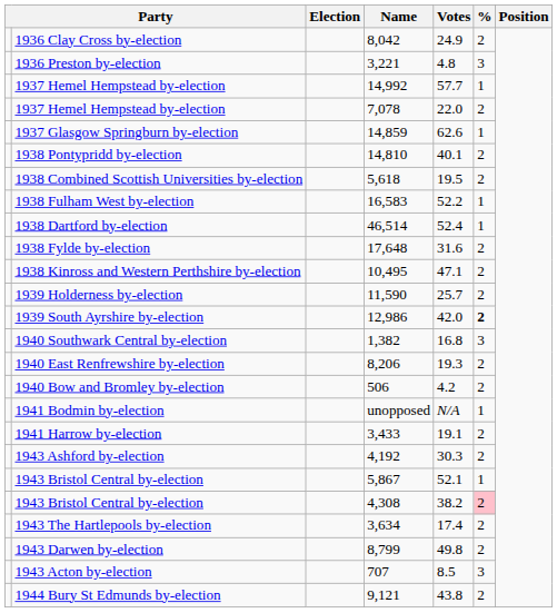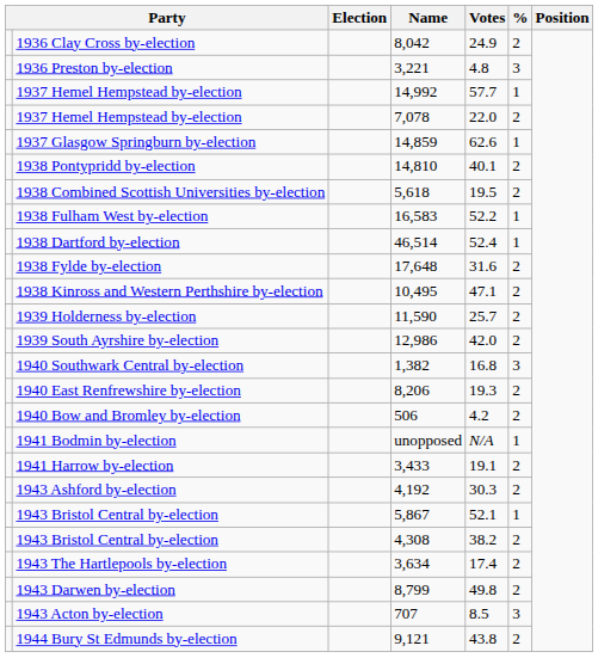 <table class="wikitable sortable">
 <tr>
 <th colspan=2>Party</th>
 <th>Election</th>
 <th>Name</th>
 <th>Votes</th>
 <th>%</th>
 <th>Position</th>
 </tr>
 <tr>
 <td></td>
 <td><a href='#'>1936 Clay Cross by-election</a></td>
 <td></td>
 <td>8,042</td>
 <td>24.9</td>
 <td>2</td>
 </tr>
 <tr>
 <td></td>
 <td><a href='#'>1936 Preston by-election</a></td>
 <td></td>
 <td>3,221</td>
 <td>4.8</td>
 <td>3</td>
 </tr>
 <tr>
 <td></td>
 <td><a href='#'>1937 Hemel Hempstead by-election</a></td>
 <td></td>
 <td>14,992</td>
 <td>57.7</td>
 <td>1</td>
 </tr>
 <tr>
 <td></td>
 <td><a href='#'>1937 Hemel Hempstead by-election</a></td>
 <td></td>
 <td>7,078</td>
 <td>22.0</td>
 <td>2</td>
 </tr>
 <tr>
 <td></td>
 <td><a href='#'>1937 Glasgow Springburn by-election</a></td>
 <td></td>
 <td>14,859</td>
 <td>62.6</td>
 <td>1</td>
 </tr>
 <tr>
 <td></td>
 <td><a href='#'>1938 Pontypridd by-election</a></td>
 <td></td>
 <td>14,810</td>
 <td>40.1</td>
 <td>2</td>
 </tr>
 <tr>
 <td></td>
 <td><a href='#'>1938 Combined Scottish Universities by-election</a></td>
 <td></td>
 <td>5,618</td>
 <td>19.5</td>
 <td>2</td>
 </tr>
 <tr>
 <td></td>
 <td><a href='#'>1938 Fulham West by-election</a></td>
 <td></td>
 <td>16,583</td>
 <td>52.2</td>
 <td>1</td>
 </tr>
 <tr>
 <td></td>
 <td><a href='#'>1938 Dartford by-election</a></td>
 <td></td>
 <td>46,514</td>
 <td>52.4</td>
 <td>1</td>
 </tr>
 <tr>
 <td></td>
 <td><a href='#'>1938 Fylde by-election</a></td>
 <td></td>
 <td>17,648</td>
 <td>31.6</td>
 <td>2</td>
 </tr>
 <tr>
 <td></td>
 <td><a href='#'>1938 Kinross and Western Perthshire by-election</a></td>
 <td></td>
 <td>10,495</td>
 <td>47.1</td>
 <td>2</td>
 </tr>
 <tr>
 <td></td>
 <td><a href='#'>1939 Holderness by-election</a></td>
 <td></td>
 <td>11,590</td>
 <td>25.7</td>
 <td>2</td>
 </tr>
 <tr>
 <td></td>
 <td><a href='#'>1939 South Ayrshire by-election</a></td>
 <td></td>
 <td>12,986</td>
 <td>42.0</td>
-<td><strong>2</strong></td>
+<td>2</td>
 </tr>
 <tr>
 <td></td>
 <td><a href='#'>1940 Southwark Central by-election</a></td>
 <td></td>
 <td>1,382</td>
 <td>16.8</td>
 <td>3</td>
 </tr>
 <tr>
 <td></td>
 <td><a href='#'>1940 East Renfrewshire by-election</a></td>
 <td></td>
 <td>8,206</td>
 <td>19.3</td>
 <td>2</td>
 </tr>
 <tr>
 <td></td>
 <td><a href='#'>1940 Bow and Bromley by-election</a></td>
 <td></td>
 <td>506</td>
 <td>4.2</td>
 <td>2</td>
 </tr>
 <tr>
 <td></td>
 <td><a href='#'>1941 Bodmin by-election</a></td>
 <td></td>
 <td>unopposed</td>
 <td><em>N/A</em></td>
 <td>1</td>
 </tr>
 <tr>
 <td></td>
 <td><a href='#'>1941 Harrow by-election</a></td>
 <td></td>
 <td>3,433</td>
 <td>19.1</td>
 <td>2</td>
 </tr>
 <tr>
 <td></td>
 <td><a href='#'>1943 Ashford by-election</a></td>
 <td></td>
 <td>4,192</td>
 <td>30.3</td>
 <td>2</td>
 </tr>
 <tr>
 <td></td>
 <td><a href='#'>1943 Bristol Central by-election</a></td>
 <td></td>
 <td>5,867</td>
 <td>52.1</td>
 <td>1</td>
 </tr>
 <tr>
 <td></td>
 <td><a href='#'>1943 Bristol Central by-election</a></td>
 <td></td>
 <td>4,308</td>
 <td>38.2</td>
-<td style="background: pink;">2</td>
+<td>2</td>
 </tr>
 <tr>
 <td></td>
 <td><a href='#'>1943 The Hartlepools by-election</a></td>
 <td></td>
 <td>3,634</td>
 <td>17.4</td>
 <td>2</td>
 </tr>
 <tr>
 <td></td>
 <td><a href='#'>1943 Darwen by-election</a></td>
 <td></td>
 <td>8,799</td>
 <td>49.8</td>
 <td>2</td>
 </tr>
 <tr>
 <td></td>
 <td><a href='#'>1943 Acton by-election</a></td>
 <td></td>
 <td>707</td>
 <td>8.5</td>
 <td>3</td>
 </tr>
 <tr>
 <td></td>
 <td><a href='#'>1944 Bury St Edmunds by-election</a></td>
 <td></td>
 <td>9,121</td>
 <td>43.8</td>
 <td>2</td>
 </tr>
 </table>
